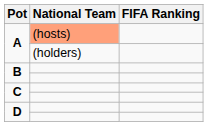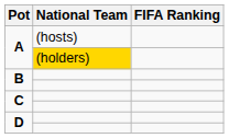 <table class="wikitable" style="text-align: center;">
 <tr>
 <th>Pot</th>
 <th>National Team</th>
 <th>FIFA Ranking</th>
 </tr>
 <tr>
 <td rowspan="2"><strong>A</strong></td>
-<td align="left" style="background: lightsalmon;"> (hosts)</td>
+<td align="left"> (hosts)</td>
 <td align="left"></td>
 </tr>
 <tr>
-<td align="left"> (holders)</td>
+<td align="left" style="background: gold;"> (holders)</td>
 <td align="left"></td>
 </tr>
 <tr>
 <td rowspan="2"><strong>B</strong></td>
 <td align="left"></td>
 <td align="left"></td>
 </tr>
 <tr>
 <td align="left"></td>
 <td align="left"></td>
 </tr>
 <tr>
 <td rowspan="2"><strong>C</strong></td>
 <td align="left"></td>
 <td align="left"></td>
 </tr>
 <tr>
 <td align="left"></td>
 <td align="left"></td>
 </tr>
 <tr>
 <td rowspan="2"><strong>D</strong></td>
 <td align="left"></td>
 <td align="left"></td>
 </tr>
 <tr>
 <td align="left"></td>
 <td align="left"></td>
 </tr>
 </table>
